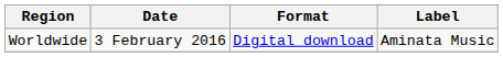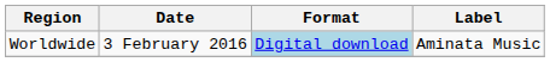 <table class=wikitable>
 <tr>
 <th>Region</th>
 <th>Date</th>
 <th>Format</th>
 <th>Label</th>
 </tr>
 <tr>
 <td>Worldwide</td>
 <td>3 February 2016</td>
-<td><a href='#'>Digital download</a></td>
+<td style="background: lightblue;"><a href='#'>Digital download</a></td>
 <td>Aminata Music</td>
 </tr>
 <tr>
 </tr>
 </table>
